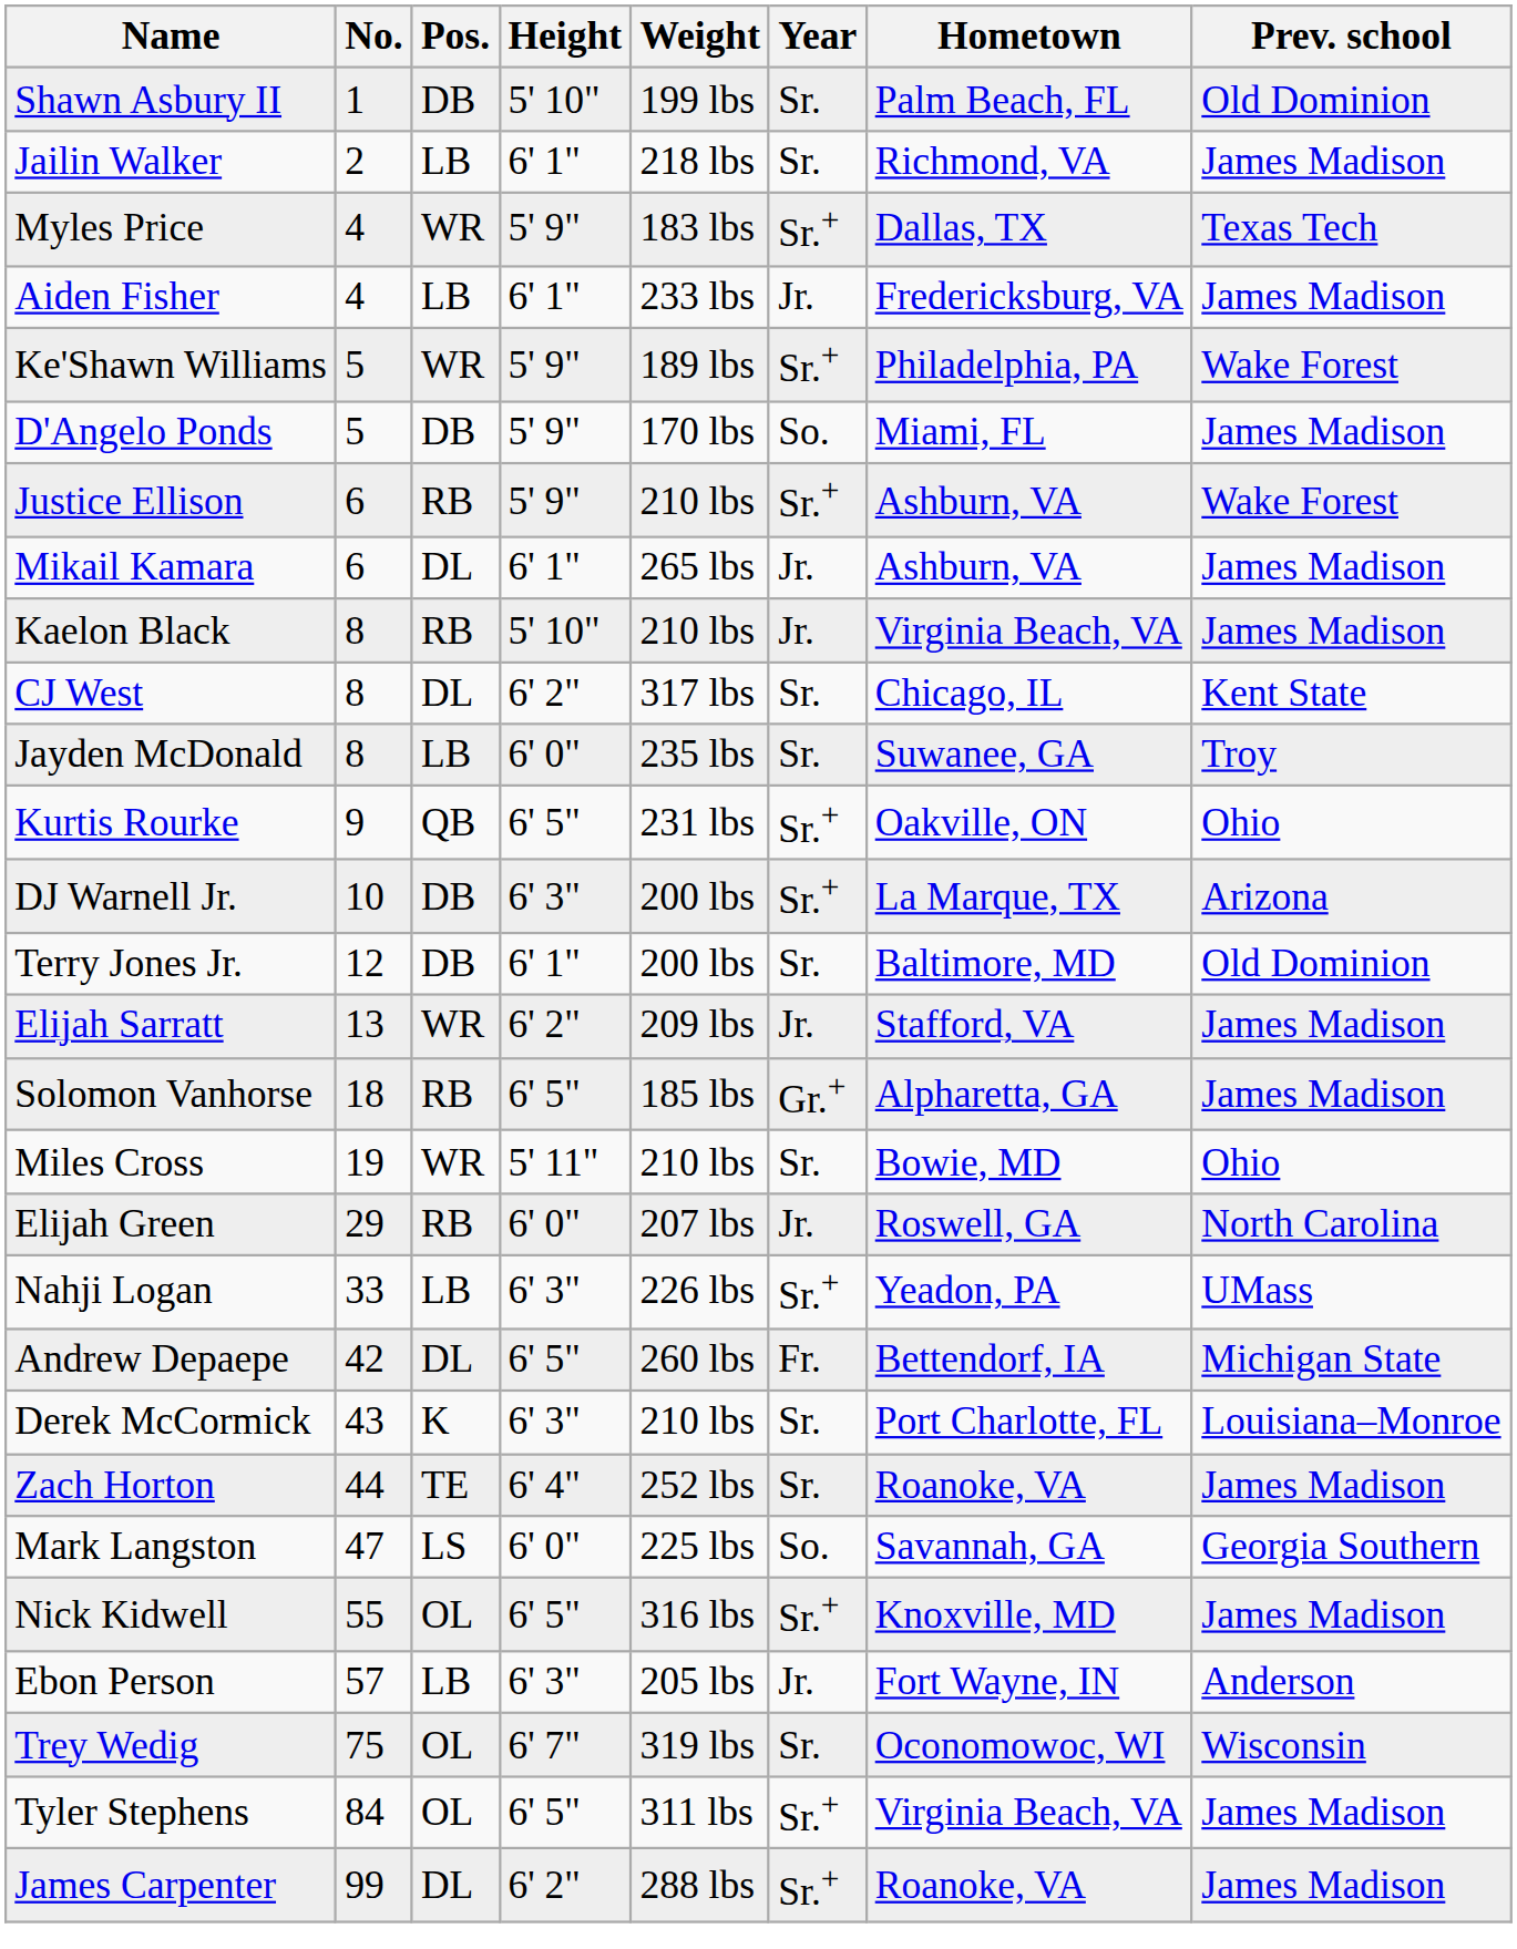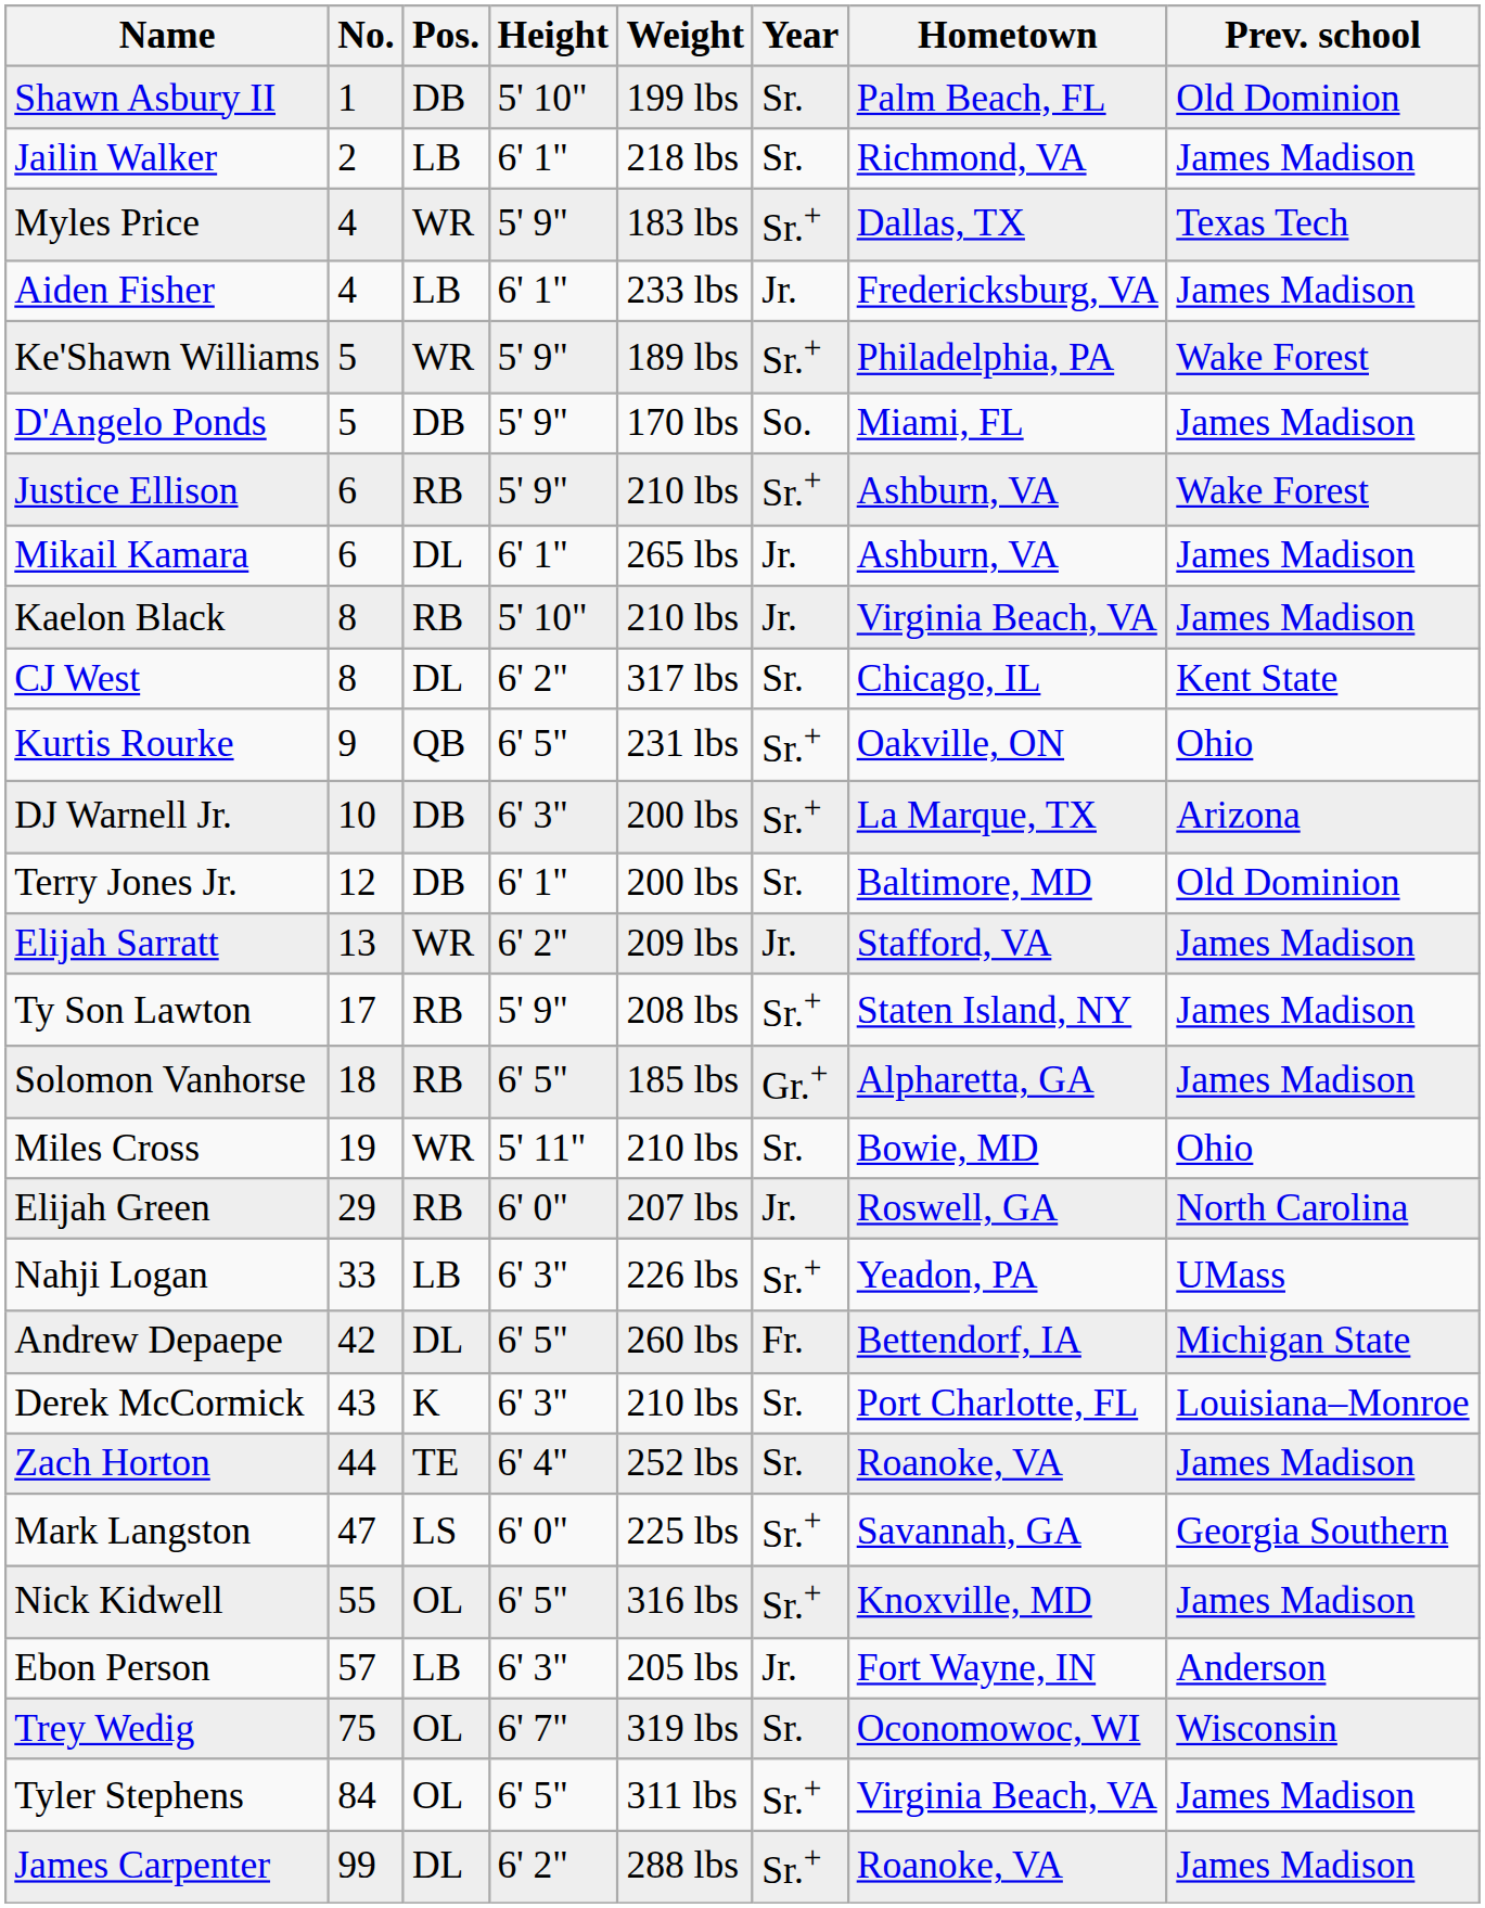 <table class="wikitable sortable" style="text-align:left">
 <tr>
 <th>Name</th>
 <th>No.</th>
 <th>Pos.</th>
 <th>Height</th>
 <th>Weight</th>
 <th>Year</th>
 <th>Hometown</th>
 <th>Prev. school</th>
 </tr>
 <tr style="background:#eeeeee;">
 <td><a href='#'>Shawn Asbury II</a></td>
 <td>1</td>
 <td>DB</td>
 <td>5' 10"</td>
 <td>199 lbs</td>
 <td>Sr.</td>
 <td><a href='#'>Palm Beach, FL</a></td>
 <td><a href='#'>Old Dominion</a></td>
 </tr>
 <tr>
 <td><a href='#'>Jailin Walker</a></td>
 <td>2</td>
 <td>LB</td>
 <td>6' 1"</td>
 <td>218 lbs</td>
 <td>Sr.</td>
 <td><a href='#'>Richmond, VA</a></td>
 <td><a href='#'>James Madison</a></td>
 </tr>
 <tr style="background:#eeeeee;">
 <td>Myles Price</td>
 <td>4</td>
 <td>WR</td>
 <td>5' 9"</td>
 <td>183 lbs</td>
 <td>Sr.<sup>+</sup></td>
 <td><a href='#'>Dallas, TX</a></td>
 <td><a href='#'>Texas Tech</a></td>
 </tr>
 <tr>
 <td><a href='#'>Aiden Fisher</a></td>
 <td>4</td>
 <td>LB</td>
 <td>6' 1"</td>
 <td>233 lbs</td>
 <td>Jr.</td>
 <td><a href='#'>Fredericksburg, VA</a></td>
 <td><a href='#'>James Madison</a></td>
 </tr>
 <tr style="background:#eeeeee;">
 <td>Ke'Shawn Williams</td>
 <td>5</td>
 <td>WR</td>
 <td>5' 9"</td>
 <td>189 lbs</td>
 <td>Sr.<sup>+</sup></td>
 <td><a href='#'>Philadelphia, PA</a></td>
 <td><a href='#'>Wake Forest</a></td>
 </tr>
 <tr>
 <td><a href='#'>D'Angelo Ponds</a></td>
 <td>5</td>
 <td>DB</td>
 <td>5' 9"</td>
 <td>170 lbs</td>
 <td>So.</td>
 <td><a href='#'>Miami, FL</a></td>
 <td><a href='#'>James Madison</a></td>
 </tr>
 <tr style="background:#eeeeee;">
 <td><a href='#'>Justice Ellison</a></td>
 <td>6</td>
 <td>RB</td>
 <td>5' 9"</td>
 <td>210 lbs</td>
 <td>Sr.<sup>+</sup></td>
 <td><a href='#'>Ashburn, VA</a></td>
 <td><a href='#'>Wake Forest</a></td>
 </tr>
 <tr>
 <td><a href='#'>Mikail Kamara</a></td>
 <td>6</td>
 <td>DL</td>
 <td>6' 1"</td>
 <td>265 lbs</td>
 <td> Jr.</td>
 <td><a href='#'>Ashburn, VA</a></td>
 <td><a href='#'>James Madison</a></td>
 </tr>
 <tr style="background:#eeeeee;">
 <td>Kaelon Black</td>
 <td>8</td>
 <td>RB</td>
 <td>5' 10"</td>
 <td>210 lbs</td>
 <td> Jr.</td>
 <td><a href='#'>Virginia Beach, VA</a></td>
 <td><a href='#'>James Madison</a></td>
 </tr>
 <tr>
 <td><a href='#'>CJ West</a></td>
 <td>8</td>
 <td>DL</td>
 <td>6' 2"</td>
 <td>317 lbs</td>
 <td> Sr.</td>
 <td><a href='#'>Chicago, IL</a></td>
 <td><a href='#'>Kent State</a></td>
 </tr>
-<tr style="background:#eeeeee;">
-<td>Jayden McDonald</td>
-<td>8</td>
-<td>LB</td>
-<td>6' 0"</td>
-<td>235 lbs</td>
-<td> Sr.</td>
-<td><a href='#'>Suwanee, GA</a></td>
-<td><a href='#'>Troy</a></td>
-</tr>
 <tr>
 <td><a href='#'>Kurtis Rourke</a></td>
 <td>9</td>
 <td>QB</td>
 <td>6' 5"</td>
 <td>231 lbs</td>
 <td> Sr.<sup>+</sup></td>
 <td><a href='#'>Oakville, ON</a></td>
 <td><a href='#'>Ohio</a></td>
 </tr>
 <tr style="background:#eeeeee;">
 <td>DJ Warnell Jr.</td>
 <td>10</td>
 <td>DB</td>
 <td>6' 3"</td>
 <td>200 lbs</td>
 <td>Sr.<sup>+</sup></td>
 <td><a href='#'>La Marque, TX</a></td>
 <td><a href='#'>Arizona</a></td>
 </tr>
 <tr>
 <td>Terry Jones Jr.</td>
 <td>12</td>
 <td>DB</td>
 <td>6' 1"</td>
 <td>200 lbs</td>
 <td> Sr.</td>
 <td><a href='#'>Baltimore, MD</a></td>
 <td><a href='#'>Old Dominion</a></td>
 </tr>
 <tr style="background:#eeeeee;">
 <td><a href='#'>Elijah Sarratt</a></td>
 <td>13</td>
 <td>WR</td>
 <td>6' 2"</td>
 <td>209 lbs</td>
 <td>Jr.</td>
 <td><a href='#'>Stafford, VA</a></td>
+<td><a href='#'>James Madison</a></td>
+</tr>
+<tr>
+<td>Ty Son Lawton</td>
+<td>17</td>
+<td>RB</td>
+<td>5' 9"</td>
+<td>208 lbs</td>
+<td> Sr.<sup>+</sup></td>
+<td><a href='#'>Staten Island, NY</a></td>
 <td><a href='#'>James Madison</a></td>
 </tr>
 <tr style="background:#eeeeee;">
 <td>Solomon Vanhorse</td>
 <td>18</td>
 <td>RB</td>
 <td>6' 5"</td>
 <td>185 lbs</td>
 <td>Gr.<sup>+</sup></td>
 <td><a href='#'>Alpharetta, GA</a></td>
 <td><a href='#'>James Madison</a></td>
 </tr>
 <tr>
 <td>Miles Cross</td>
 <td>19</td>
 <td>WR</td>
 <td>5' 11"</td>
 <td>210 lbs</td>
 <td>Sr.</td>
 <td><a href='#'>Bowie, MD</a></td>
 <td><a href='#'>Ohio</a></td>
 </tr>
 <tr style="background:#eeeeee;">
 <td>Elijah Green</td>
 <td>29</td>
 <td>RB</td>
 <td>6' 0"</td>
 <td>207 lbs</td>
 <td> Jr.</td>
 <td><a href='#'>Roswell, GA</a></td>
 <td><a href='#'>North Carolina</a></td>
 </tr>
 <tr>
 <td>Nahji Logan</td>
 <td>33</td>
 <td>LB</td>
 <td>6' 3"</td>
 <td>226 lbs</td>
 <td> Sr.<sup>+</sup></td>
 <td><a href='#'>Yeadon, PA</a></td>
 <td><a href='#'>UMass</a></td>
 </tr>
 <tr style="background:#eeeeee;">
 <td>Andrew Depaepe</td>
 <td>42</td>
 <td>DL</td>
 <td>6' 5"</td>
 <td>260 lbs</td>
 <td> Fr.</td>
 <td><a href='#'>Bettendorf, IA</a></td>
 <td><a href='#'>Michigan State</a></td>
 </tr>
 <tr>
 <td>Derek McCormick</td>
 <td>43</td>
 <td>K</td>
 <td>6' 3"</td>
 <td>210 lbs</td>
 <td> Sr.</td>
 <td><a href='#'>Port Charlotte, FL</a></td>
 <td><a href='#'>Louisiana–Monroe</a></td>
 </tr>
 <tr style="background:#eeeeee;">
 <td><a href='#'>Zach Horton</a></td>
 <td>44</td>
 <td>TE</td>
 <td>6' 4"</td>
 <td>252 lbs</td>
 <td>Sr.</td>
 <td><a href='#'>Roanoke, VA</a></td>
 <td><a href='#'>James Madison</a></td>
 </tr>
 <tr>
 <td>Mark Langston</td>
 <td>47</td>
 <td>LS</td>
 <td>6' 0"</td>
 <td>225 lbs</td>
-<td>So.</td>
+<td> Sr.<sup>+</sup></td>
 <td><a href='#'>Savannah, GA</a></td>
 <td><a href='#'>Georgia Southern</a></td>
 </tr>
 <tr style="background:#eeeeee;">
 <td>Nick Kidwell</td>
 <td>55</td>
 <td>OL</td>
 <td>6' 5"</td>
 <td>316 lbs</td>
 <td> Sr.<sup>+</sup></td>
 <td><a href='#'>Knoxville, MD</a></td>
 <td><a href='#'>James Madison</a></td>
 </tr>
 <tr>
 <td>Ebon Person</td>
 <td>57</td>
 <td>LB</td>
 <td>6' 3"</td>
 <td>205 lbs</td>
 <td>Jr.</td>
 <td><a href='#'>Fort Wayne, IN</a></td>
 <td><a href='#'>Anderson</a></td>
 </tr>
 <tr style="background:#eeeeee;">
 <td><a href='#'>Trey Wedig</a></td>
 <td>75</td>
 <td>OL</td>
 <td>6' 7"</td>
 <td>319 lbs</td>
 <td> Sr.</td>
 <td><a href='#'>Oconomowoc, WI</a></td>
 <td><a href='#'>Wisconsin</a></td>
 </tr>
 <tr>
 <td>Tyler Stephens</td>
 <td>84</td>
 <td>OL</td>
 <td>6' 5"</td>
 <td>311 lbs</td>
 <td>Sr.<sup>+</sup></td>
 <td><a href='#'>Virginia Beach, VA</a></td>
 <td><a href='#'>James Madison</a></td>
 </tr>
 <tr style="background:#eeeeee;">
 <td><a href='#'>James Carpenter</a></td>
 <td>99</td>
 <td>DL</td>
 <td>6' 2"</td>
 <td>288 lbs</td>
 <td> Sr.<sup>+</sup></td>
 <td><a href='#'>Roanoke, VA</a></td>
 <td><a href='#'>James Madison</a></td>
 </tr>
 </table>
